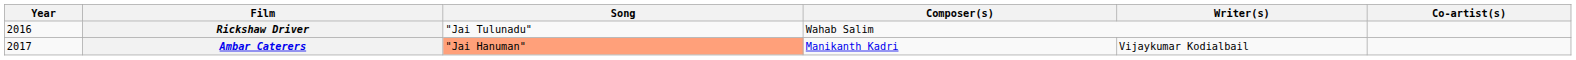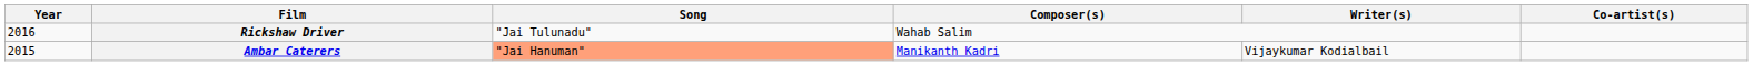 <table class="wikitable plainrowheaders" width="100%" textcolor:#000;">
 <tr style="background:#b0e0e66;">
 <th scope="col" width=5%><strong>Year</strong></th>
 <th scope="col" width=23%><strong>Film</strong></th>
 <th scope="col" width=23%><strong>Song</strong></th>
 <th scope="col" width=20%><strong>Composer(s)</strong></th>
 <th scope="col" width=16%><strong>Writer(s)</strong></th>
 <th scope="col" width=18%><strong>Co-artist(s)</strong></th>
 </tr>
 <tr>
 <td>2016</td>
 <th><em>Rickshaw Driver</em></th>
 <td>"Jai Tulunadu"</td>
 <td colspan="2">Wahab Salim</td>
 <td></td>
 </tr>
 <tr>
-<td>2017</td>
+<td>2015</td>
 <th><em><a href='#'>Ambar Caterers</a></em></th>
 <td style="background: lightsalmon;">"Jai Hanuman"</td>
 <td><a href='#'>Manikanth Kadri</a></td>
 <td>Vijaykumar Kodialbail</td>
 <td></td>
 </tr>
 </table>
